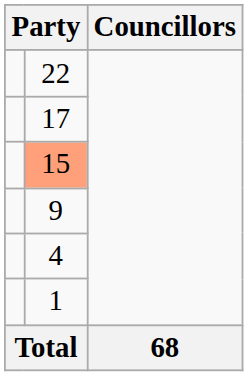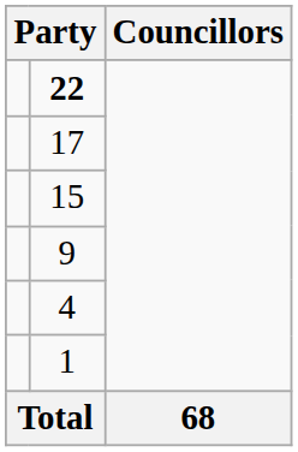 <table class="wikitable">
 <tr>
 <th colspan=2>Party</th>
 <th>Councillors</th>
 </tr>
 <tr>
 <td></td>
-<td align=center>22</td>
+<td align=center><strong>22</strong></td>
 </tr>
 <tr>
 <td></td>
 <td align=center>17</td>
 </tr>
 <tr>
 <td></td>
-<td align=center style="background: lightsalmon;">15</td>
+<td align=center>15</td>
 </tr>
 <tr>
 <td></td>
 <td align=center>9</td>
 </tr>
 <tr>
 <td></td>
 <td align=center>4</td>
 </tr>
 <tr>
 <td></td>
 <td align=center>1</td>
 </tr>
 <tr>
 <th colspan=2>Total</th>
 <th align=center>68</th>
 </tr>
 </table>
